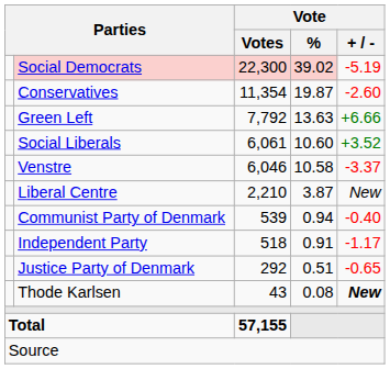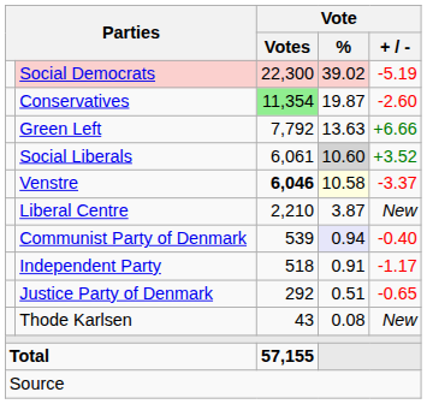 <table class="wikitable" style="text-align:right;">
 <tr>
 <th style="text-align:centre;" rowspan="2" colspan="2" width="225">Parties</th>
 <th colspan="3">Vote</th>
 </tr>
 <tr>
 <th width="15">Votes</th>
 <th width="15">%</th>
 <th width="15">+ / -</th>
 </tr>
 <tr>
 <td width="2" style="color:inherit;background:"></td>
 <td bgcolor=#fbd0ce  align="left"><a href='#'>Social Democrats</a></td>
 <td bgcolor=#fbd0ce>22,300</td>
 <td bgcolor=#fbd0ce>39.02</td>
 <td style=color:red;>-5.19</td>
 </tr>
 <tr>
 <td width="2" style="color:inherit;background:"></td>
 <td align="left"><a href='#'>Conservatives</a></td>
-<td>11,354</td>
+<td style="background: lightgreen;">11,354</td>
 <td>19.87</td>
 <td style=color:red;>-2.60</td>
 </tr>
 <tr>
 <td width="2" style="color:inherit;background:"></td>
 <td align="left"><a href='#'>Green Left</a></td>
 <td>7,792</td>
 <td>13.63</td>
 <td style=color:green;>+6.66</td>
 </tr>
 <tr>
 <td width="2" style="color:inherit;background:"></td>
 <td align="left"><a href='#'>Social Liberals</a></td>
 <td>6,061</td>
-<td>10.60</td>
+<td style="background: lightgrey;">10.60</td>
 <td style=color:green;>+3.52</td>
 </tr>
 <tr>
 <td width="2" style="color:inherit;background:"></td>
 <td align="left"><a href='#'>Venstre</a></td>
-<td>6,046</td>
-<td>10.58</td>
+<td><strong>6,046</strong></td>
+<td style="background: lightyellow;">10.58</td>
 <td style=color:red;>-3.37</td>
 </tr>
 <tr>
 <td width="2" style="color:inherit;background:"></td>
 <td align="left"><a href='#'>Liberal Centre</a></td>
 <td>2,210</td>
 <td>3.87</td>
 <td><em>New</em></td>
 </tr>
 <tr>
 <td width="2" style="color:inherit;background:"></td>
 <td align="left"><a href='#'>Communist Party of Denmark</a></td>
 <td>539</td>
-<td>0.94</td>
+<td style="background: lavender;">0.94</td>
 <td style=color:red;>-0.40</td>
 </tr>
 <tr>
 <td width="2" style="color:inherit;background:"></td>
 <td align="left"><a href='#'>Independent Party</a></td>
 <td>518</td>
 <td>0.91</td>
 <td style=color:red;>-1.17</td>
 </tr>
 <tr>
 <td width="2" style="color:inherit;background:"></td>
 <td align="left"><a href='#'>Justice Party of Denmark</a></td>
 <td>292</td>
 <td>0.51</td>
 <td style=color:red;>-0.65</td>
 </tr>
 <tr>
 <td width="2" style="color:inherit;background:"></td>
 <td align="left">Thode Karlsen</td>
 <td>43</td>
 <td>0.08</td>
-<td><strong><em>New</em></strong></td>
+<td><em>New</em></td>
 </tr>
 <tr>
 <td colspan="7" bgcolor="#E9E9E9"></td>
 </tr>
 <tr>
 <td align="left" colspan="2"><strong>Total</strong></td>
 <td><strong>57,155</strong></td>
 <td bgcolor="#E9E9E9" colspan="2"></td>
 </tr>
 <tr>
 <td align="left" colspan="6">Source</td>
 </tr>
 </table>
